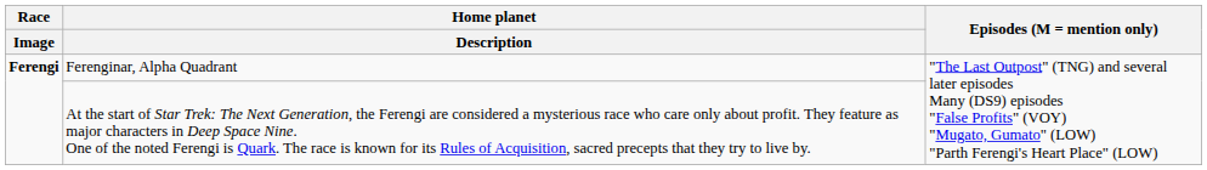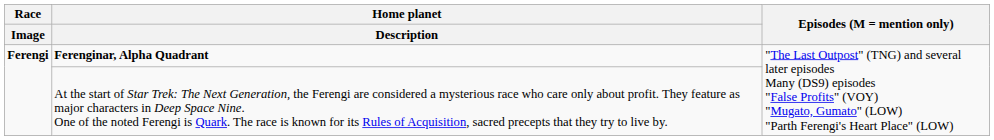 <table class="wikitable">
 <tr>
 <th>Race</th>
 <th>Home planet</th>
 <th rowspan="2">Episodes (M = mention only)</th>
 </tr>
 <tr>
 <th>Image</th>
 <th>Description</th>
 </tr>
 <tr>
 <td rowspan="2" style="vertical-align: top;"><strong>Ferengi</strong> <br></td>
-<td>Ferenginar, Alpha Quadrant</td>
+<td><strong>Ferenginar, Alpha Quadrant</strong></td>
 <td rowspan="2" style="vertical-align: top;">"<a href='#'>The Last Outpost</a>" (TNG) and several later episodes <br> Many (DS9) episodes <br>"<a href='#'>False Profits</a>" (VOY)<br> "<a href='#'>Mugato, Gumato</a>" (LOW)<br> "Parth Ferengi's Heart Place" (LOW)</td>
 </tr>
 <tr>
 <td><br>At the start of <em>Star Trek: The Next Generation</em>, the Ferengi are considered a mysterious race who care only about profit. They feature as major characters in <em>Deep Space Nine</em>.<br>One of the noted Ferengi is <a href='#'>Quark</a>. The race is known for its <a href='#'>Rules of Acquisition</a>, sacred precepts that they try to live by.</td>
 </tr>
 </table>
